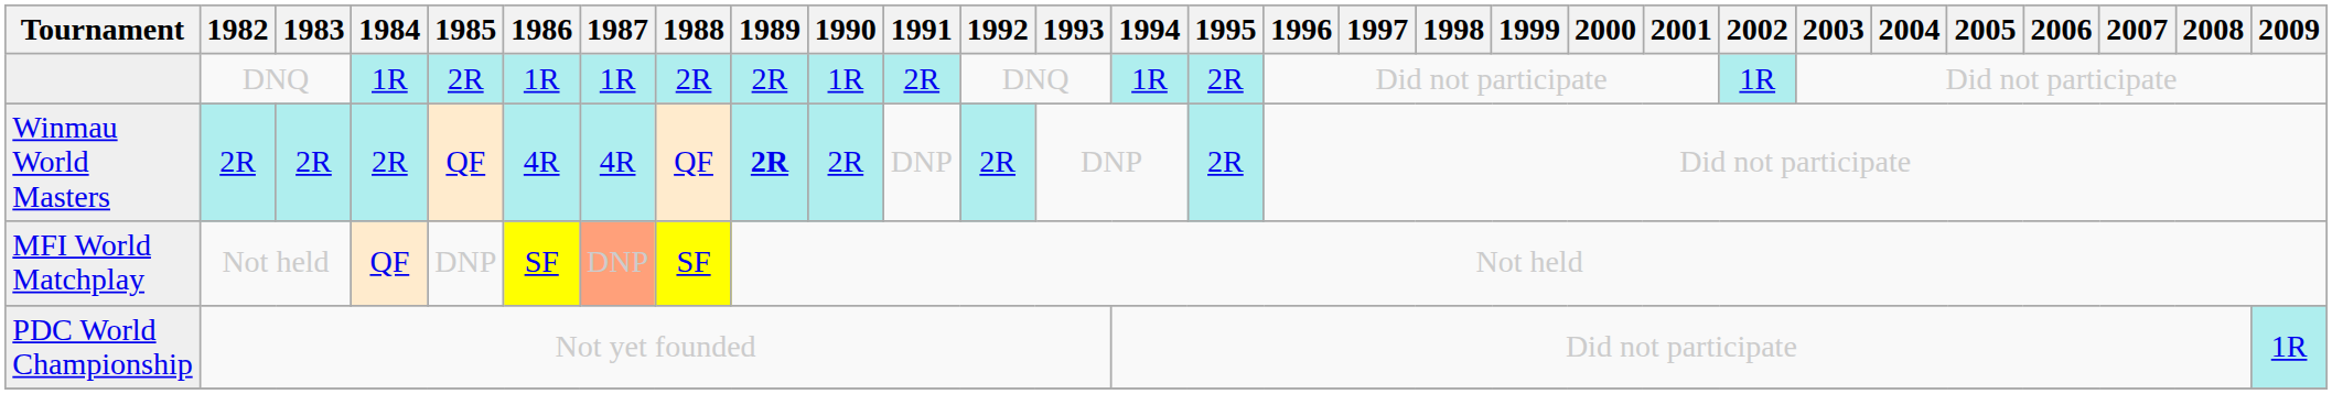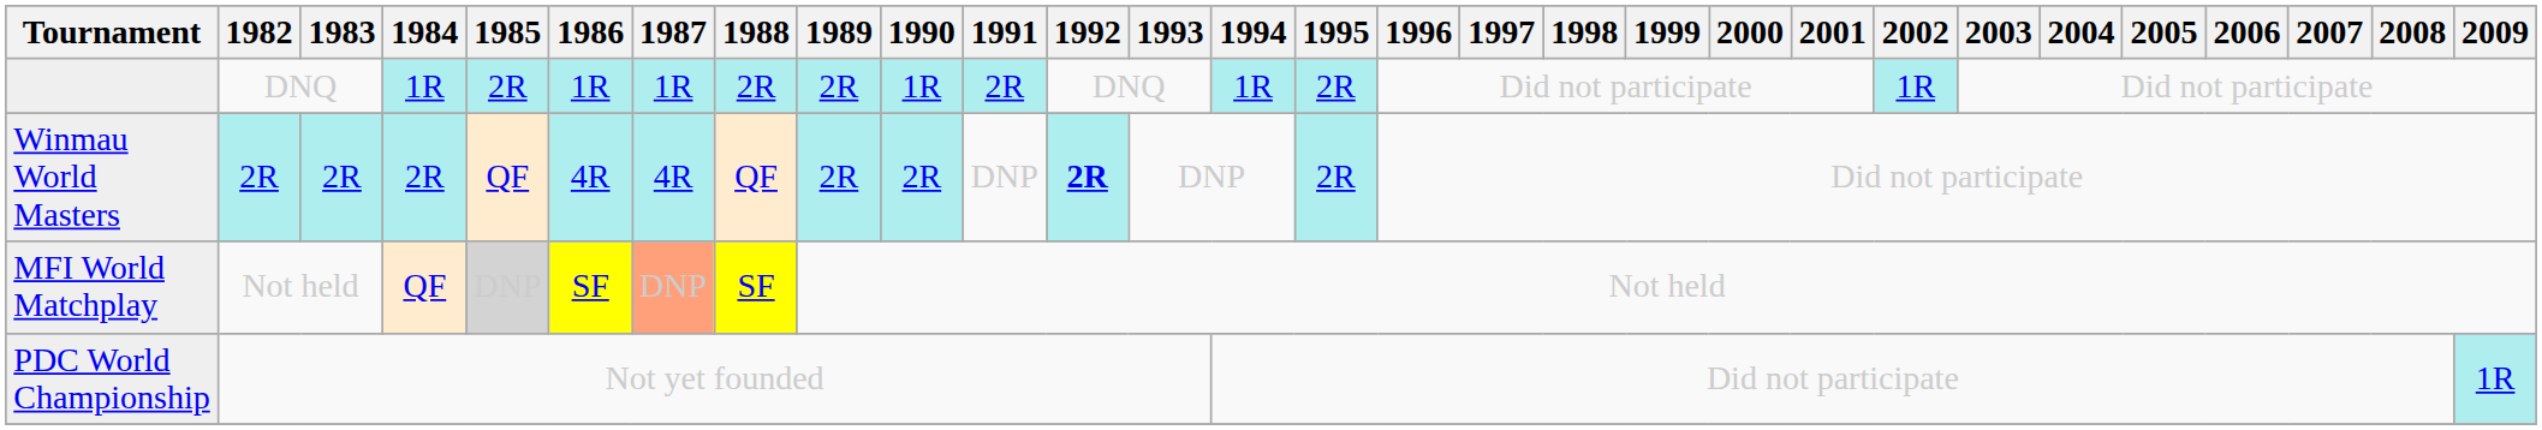 <table class="wikitable" style="width:75%; margin:0">
 <tr>
 <th>Tournament</th>
 <th>1982</th>
 <th>1983</th>
 <th>1984</th>
 <th>1985</th>
 <th>1986</th>
 <th>1987</th>
 <th>1988</th>
 <th>1989</th>
 <th>1990</th>
 <th>1991</th>
 <th>1992</th>
 <th>1993</th>
 <th>1994</th>
 <th>1995</th>
 <th>1996</th>
 <th>1997</th>
 <th>1998</th>
 <th>1999</th>
 <th>2000</th>
 <th>2001</th>
 <th>2002</th>
 <th>2003</th>
 <th>2004</th>
 <th>2005</th>
 <th>2006</th>
 <th>2007</th>
 <th>2008</th>
 <th>2009</th>
 </tr>
 <tr>
 <td style="background:#efefef;"></td>
 <td colspan="2" style="text-align:center; color:#ccc;">DNQ</td>
 <td style="text-align:center; background:#afeeee;"><a href='#'>1R</a></td>
 <td style="text-align:center; background:#afeeee;"><a href='#'>2R</a></td>
 <td style="text-align:center; background:#afeeee;"><a href='#'>1R</a></td>
 <td style="text-align:center; background:#afeeee;"><a href='#'>1R</a></td>
 <td style="text-align:center; background:#afeeee;"><a href='#'>2R</a></td>
 <td style="text-align:center; background:#afeeee;"><a href='#'>2R</a></td>
 <td style="text-align:center; background:#afeeee;"><a href='#'>1R</a></td>
 <td style="text-align:center; background:#afeeee;"><a href='#'>2R</a></td>
 <td colspan="2" style="text-align:center; color:#ccc;">DNQ</td>
 <td style="text-align:center; background:#afeeee;"><a href='#'>1R</a></td>
 <td style="text-align:center; background:#afeeee;"><a href='#'>2R</a></td>
 <td colspan="6" style="text-align:center; color:#ccc;">Did not participate</td>
 <td style="text-align:center; background:#afeeee;"><a href='#'>1R</a></td>
 <td colspan="7" style="text-align:center; color:#ccc;">Did not participate</td>
 </tr>
 <tr>
 <td style="background:#efefef;"><a href='#'>Winmau World Masters</a></td>
 <td style="text-align:center; background:#afeeee;"><a href='#'>2R</a></td>
 <td style="text-align:center; background:#afeeee;"><a href='#'>2R</a></td>
 <td style="text-align:center; background:#afeeee;"><a href='#'>2R</a></td>
 <td style="text-align:center; background:#ffebcd;"><a href='#'>QF</a></td>
 <td style="text-align:center; background:#afeeee;"><a href='#'>4R</a></td>
 <td style="text-align:center; background:#afeeee;"><a href='#'>4R</a></td>
 <td style="text-align:center; background:#ffebcd;"><a href='#'>QF</a></td>
-<td style="text-align:center; background:#afeeee;"><strong><a href='#'>2R</a></strong></td>
+<td style="text-align:center; background:#afeeee;"><a href='#'>2R</a></td>
 <td style="text-align:center; background:#afeeee;"><a href='#'>2R</a></td>
 <td style="text-align:center; color:#ccc;">DNP</td>
-<td style="text-align:center; background:#afeeee;"><a href='#'>2R</a></td>
+<td style="text-align:center; background:#afeeee;"><strong><a href='#'>2R</a></strong></td>
 <td colspan="2" style="text-align:center; color:#ccc;">DNP</td>
 <td style="text-align:center; background:#afeeee;"><a href='#'>2R</a></td>
 <td colspan="14" style="text-align:center; color:#ccc;">Did not participate</td>
 </tr>
 <tr>
 <td style="background:#efefef;"><a href='#'>MFI World Matchplay</a></td>
 <td colspan="2" style="text-align:center; color:#ccc;">Not held</td>
 <td style="text-align:center; background:#ffebcd;"><a href='#'>QF</a></td>
-<td style="text-align:center; color:#ccc;">DNP</td>
+<td style="background: lightgrey; text-align:center; color:#ccc;">DNP</td>
 <td style="text-align:center; background:yellow;"><a href='#'>SF</a></td>
 <td style="background: lightsalmon; text-align:center; color:#ccc;">DNP</td>
 <td style="text-align:center; background:yellow;"><a href='#'>SF</a></td>
 <td colspan="21" style="text-align:center; color:#ccc;">Not held</td>
 </tr>
 <tr>
 <td style="background:#efefef;"><a href='#'>PDC World Championship</a></td>
 <td colspan="12" style="text-align:center; color:#ccc;">Not yet founded</td>
 <td colspan="15" style="text-align:center; color:#ccc;">Did not participate</td>
 <td style="text-align:center; background:#afeeee;"><a href='#'>1R</a></td>
 </tr>
 <tr>
 </tr>
 </table>
